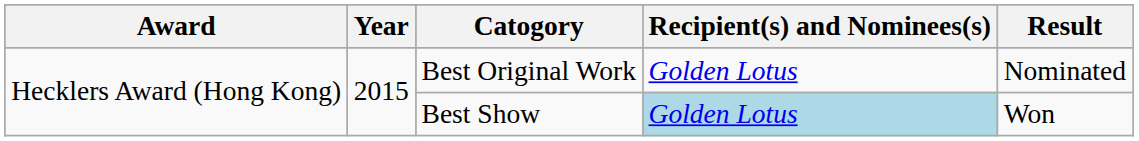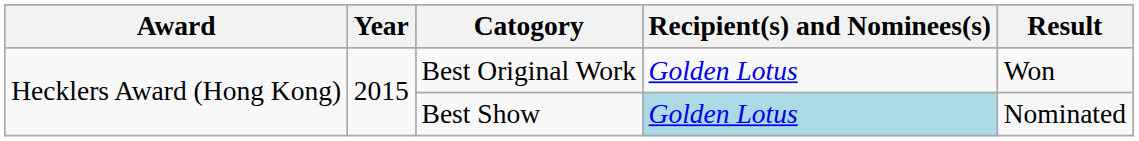 <table class="wikitable">
 <tr>
 <th>Award</th>
 <th>Year</th>
 <th>Catogory</th>
 <th>Recipient(s) and Nominees(s)</th>
 <th>Result</th>
 </tr>
 <tr>
 <td rowspan="2">Hecklers Award (Hong Kong)</td>
 <td rowspan="2">2015</td>
 <td>Best Original Work</td>
 <td><a href='#'><em>Golden Lotus</em></a></td>
-<td>Nominated</td>
+<td>Won</td>
 </tr>
 <tr>
 <td>Best Show</td>
 <td style="background: lightblue;"><a href='#'><em>Golden Lotus</em></a></td>
-<td>Won</td>
+<td>Nominated</td>
 </tr>
 </table>
